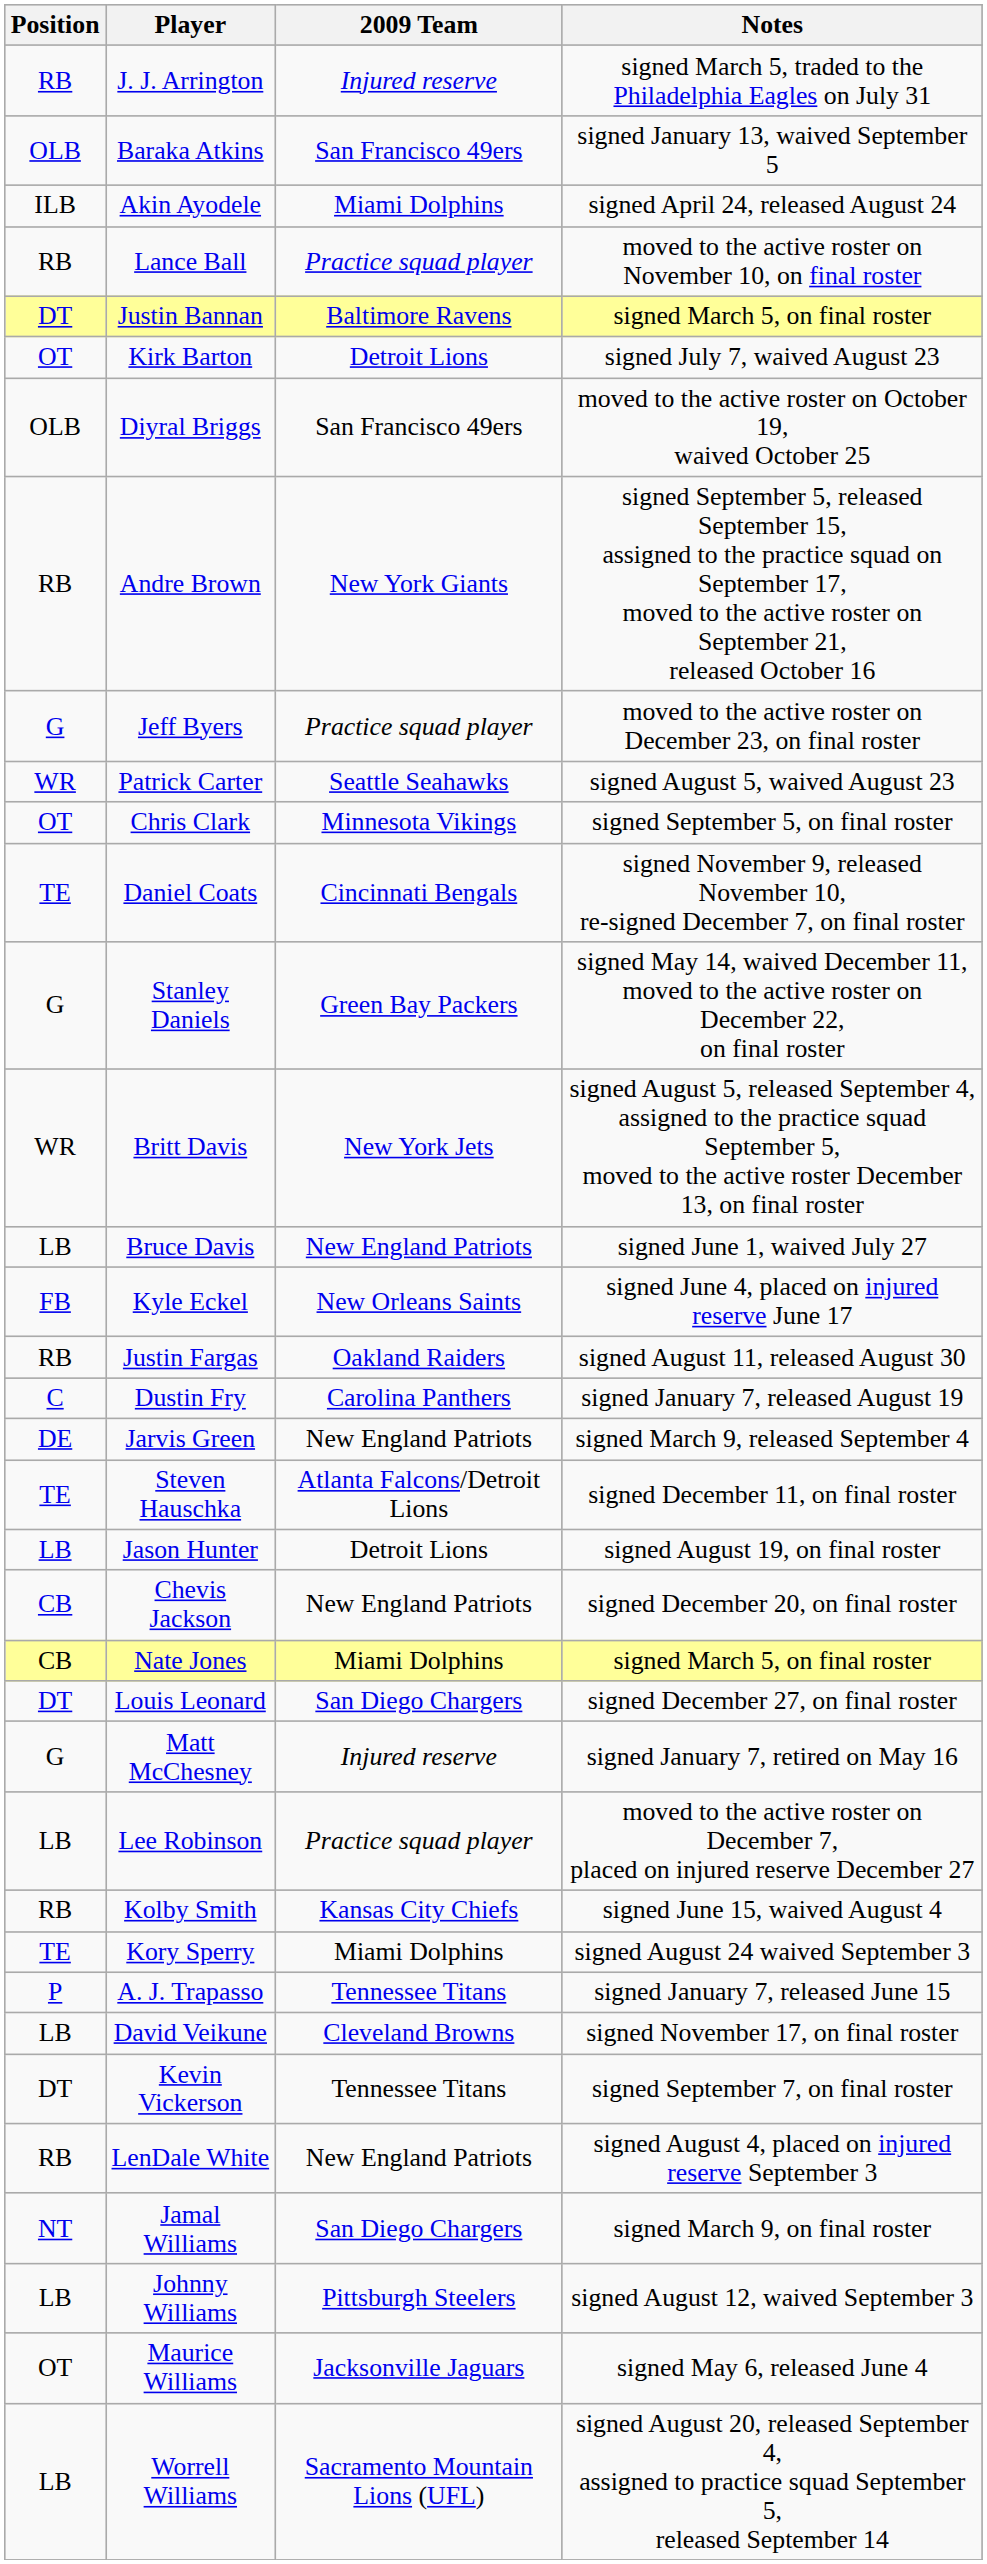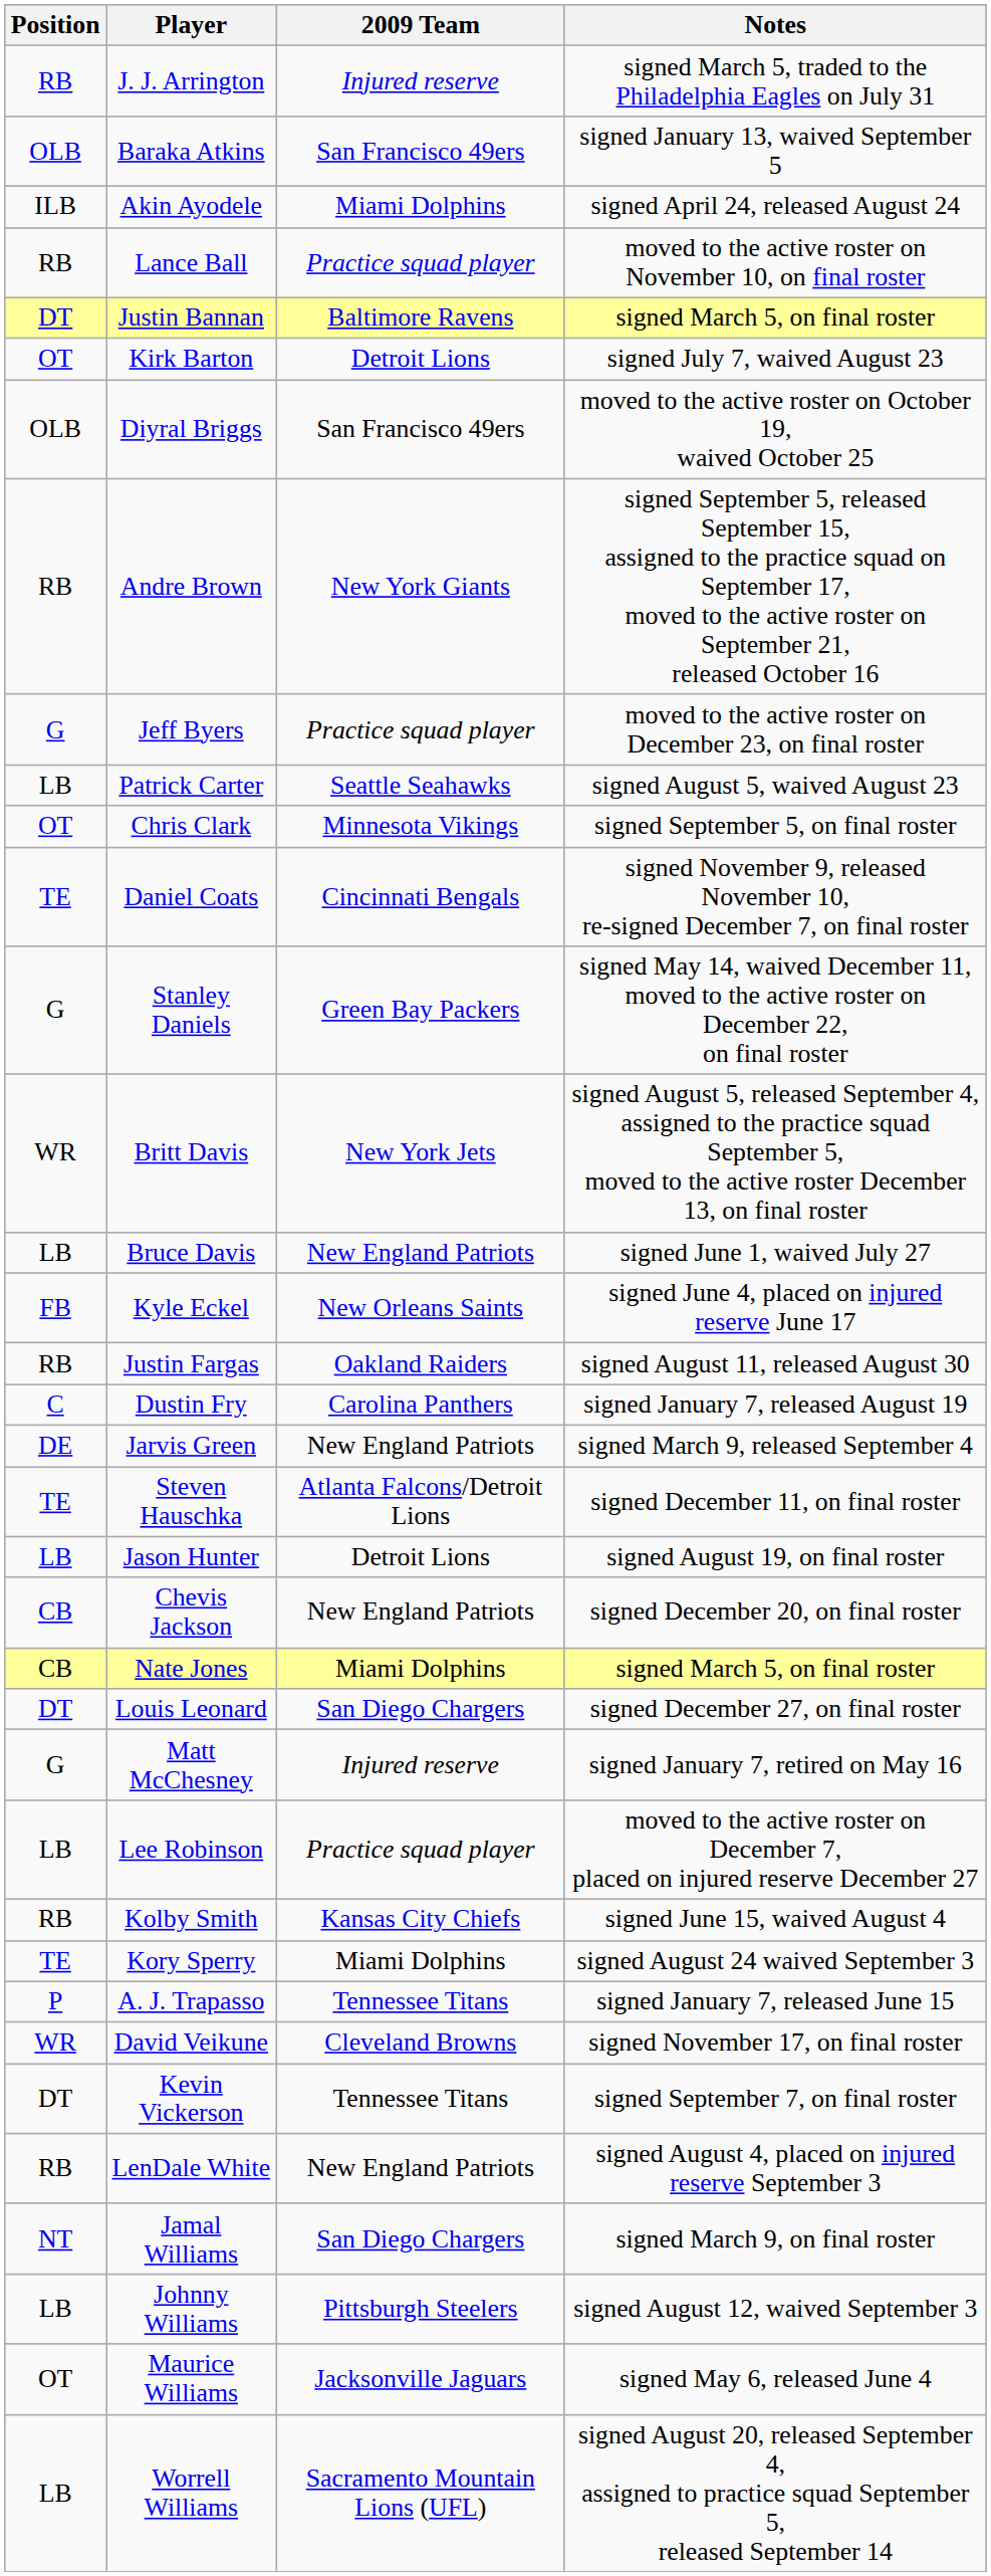 <table class="wikitable" style="text-align:center">
 <tr>
 <th>Position</th>
 <th>Player</th>
 <th>2009 Team</th>
 <th>Notes</th>
 </tr>
 <tr>
 <td><a href='#'>RB</a></td>
 <td><a href='#'>J. J. Arrington</a></td>
 <td><em><a href='#'>Injured reserve</a></em></td>
 <td>signed March 5, traded to the <a href='#'>Philadelphia Eagles</a> on July 31</td>
 </tr>
 <tr>
 <td><a href='#'>OLB</a></td>
 <td><a href='#'>Baraka Atkins</a></td>
 <td><a href='#'>San Francisco 49ers</a></td>
 <td>signed January 13, waived September 5</td>
 </tr>
 <tr>
 <td>ILB</td>
 <td><a href='#'>Akin Ayodele</a></td>
 <td><a href='#'>Miami Dolphins</a></td>
 <td>signed April 24, released August 24</td>
 </tr>
 <tr>
 <td>RB</td>
 <td><a href='#'>Lance Ball</a></td>
 <td><em><a href='#'>Practice squad player</a></em></td>
 <td>moved to the active roster on November 10, on <a href='#'>final roster</a></td>
 </tr>
 <tr style="background:#ff9">
 <td><a href='#'>DT</a></td>
 <td><a href='#'>Justin Bannan</a></td>
 <td><a href='#'>Baltimore Ravens</a></td>
 <td>signed March 5, on final roster</td>
 </tr>
 <tr>
 <td><a href='#'>OT</a></td>
 <td><a href='#'>Kirk Barton</a></td>
 <td><a href='#'>Detroit Lions</a></td>
 <td>signed July 7, waived August 23</td>
 </tr>
 <tr>
 <td>OLB</td>
 <td><a href='#'>Diyral Briggs</a></td>
 <td>San Francisco 49ers</td>
 <td>moved to the active roster on October 19,<br>waived October 25</td>
 </tr>
 <tr>
 <td>RB</td>
 <td><a href='#'>Andre Brown</a></td>
 <td><a href='#'>New York Giants</a></td>
 <td>signed September 5, released September 15,<br>assigned to the practice squad on September 17,<br>moved to the active roster on September 21,<br>released October 16</td>
 </tr>
 <tr>
 <td><a href='#'>G</a></td>
 <td><a href='#'>Jeff Byers</a></td>
 <td><em>Practice squad player</em></td>
 <td>moved to the active roster on December 23, on final roster</td>
 </tr>
 <tr>
-<td><a href='#'>WR</a></td>
+<td>LB</td>
 <td><a href='#'>Patrick Carter</a></td>
 <td><a href='#'>Seattle Seahawks</a></td>
 <td>signed August 5, waived August 23</td>
 </tr>
 <tr>
 <td><a href='#'>OT</a></td>
 <td><a href='#'>Chris Clark</a></td>
 <td><a href='#'>Minnesota Vikings</a></td>
 <td>signed September 5, on final roster</td>
 </tr>
 <tr>
 <td><a href='#'>TE</a></td>
 <td><a href='#'>Daniel Coats</a></td>
 <td><a href='#'>Cincinnati Bengals</a></td>
 <td>signed November 9, released November 10,<br>re-signed December 7, on final roster</td>
 </tr>
 <tr>
 <td>G</td>
 <td><a href='#'>Stanley Daniels</a></td>
 <td><a href='#'>Green Bay Packers</a></td>
 <td>signed May 14, waived December 11,<br>moved to the active roster on December 22,<br>on final roster</td>
 </tr>
 <tr>
 <td>WR</td>
 <td><a href='#'>Britt Davis</a></td>
 <td><a href='#'>New York Jets</a></td>
 <td>signed August 5, released September 4,<br>assigned to the practice squad September 5,<br>moved to the active roster December 13, on final roster</td>
 </tr>
 <tr>
 <td>LB</td>
 <td><a href='#'>Bruce Davis</a></td>
 <td><a href='#'>New England Patriots</a></td>
 <td>signed June 1, waived July 27 </td>
 </tr>
 <tr>
 <td><a href='#'>FB</a></td>
 <td><a href='#'>Kyle Eckel</a></td>
 <td><a href='#'>New Orleans Saints</a></td>
 <td>signed June 4, placed on <a href='#'>injured reserve</a> June 17</td>
 </tr>
 <tr>
 <td>RB</td>
 <td><a href='#'>Justin Fargas</a></td>
 <td><a href='#'>Oakland Raiders</a></td>
 <td>signed August 11, released August 30</td>
 </tr>
 <tr>
 <td><a href='#'>C</a></td>
 <td><a href='#'>Dustin Fry</a></td>
 <td><a href='#'>Carolina Panthers</a></td>
 <td>signed January 7, released August 19</td>
 </tr>
 <tr>
 <td><a href='#'>DE</a></td>
 <td><a href='#'>Jarvis Green</a></td>
 <td>New England Patriots</td>
 <td>signed March 9, released September 4</td>
 </tr>
 <tr>
 <td><a href='#'>TE</a></td>
 <td><a href='#'>Steven Hauschka</a></td>
 <td><a href='#'>Atlanta Falcons</a>/Detroit Lions</td>
 <td>signed December 11, on final roster</td>
 </tr>
 <tr>
 <td><a href='#'>LB</a></td>
 <td><a href='#'>Jason Hunter</a></td>
 <td>Detroit Lions</td>
 <td>signed August 19, on final roster</td>
 </tr>
 <tr>
 <td><a href='#'>CB</a></td>
 <td><a href='#'>Chevis Jackson</a></td>
 <td>New England Patriots</td>
 <td>signed December 20, on final roster</td>
 </tr>
 <tr style="background:#ff9">
 <td>CB</td>
 <td><a href='#'>Nate Jones</a></td>
 <td>Miami Dolphins</td>
 <td>signed March 5, on final roster</td>
 </tr>
 <tr>
 <td><a href='#'>DT</a></td>
 <td><a href='#'>Louis Leonard</a></td>
 <td><a href='#'>San Diego Chargers</a></td>
 <td>signed December 27, on final roster</td>
 </tr>
 <tr>
 <td>G</td>
 <td><a href='#'>Matt McChesney</a></td>
 <td><em>Injured reserve</em></td>
 <td>signed January 7, retired on May 16</td>
 </tr>
 <tr>
 <td>LB</td>
 <td><a href='#'>Lee Robinson</a></td>
 <td><em>Practice squad player</em></td>
 <td>moved to the active roster on December 7,<br>placed on injured reserve December 27</td>
 </tr>
 <tr>
 <td>RB</td>
 <td><a href='#'>Kolby Smith</a></td>
 <td><a href='#'>Kansas City Chiefs</a></td>
 <td>signed June 15, waived August 4</td>
 </tr>
 <tr>
 <td><a href='#'>TE</a></td>
 <td><a href='#'>Kory Sperry</a></td>
 <td>Miami Dolphins</td>
 <td>signed August 24 waived September 3</td>
 </tr>
 <tr>
 <td><a href='#'>P</a></td>
 <td><a href='#'>A. J. Trapasso</a></td>
 <td><a href='#'>Tennessee Titans</a></td>
 <td>signed January 7, released June 15</td>
 </tr>
 <tr>
-<td>LB</td>
+<td><a href='#'>WR</a></td>
 <td><a href='#'>David Veikune</a></td>
 <td><a href='#'>Cleveland Browns</a></td>
 <td>signed November 17, on final roster</td>
 </tr>
 <tr>
 <td>DT</td>
 <td><a href='#'>Kevin Vickerson</a></td>
 <td>Tennessee Titans </td>
 <td>signed September 7, on final roster</td>
 </tr>
 <tr>
 <td>RB</td>
 <td><a href='#'>LenDale White</a></td>
 <td>New England Patriots</td>
 <td>signed August 4, placed on <a href='#'>injured reserve</a> September 3</td>
 </tr>
 <tr>
 <td><a href='#'>NT</a></td>
 <td><a href='#'>Jamal Williams</a></td>
 <td><a href='#'>San Diego Chargers</a></td>
 <td>signed March 9, on final roster</td>
 </tr>
 <tr>
 <td>LB</td>
 <td><a href='#'>Johnny Williams</a></td>
 <td><a href='#'>Pittsburgh Steelers</a></td>
 <td>signed August 12, waived September 3</td>
 </tr>
 <tr>
 <td>OT</td>
 <td><a href='#'>Maurice Williams</a></td>
 <td><a href='#'>Jacksonville Jaguars</a></td>
 <td>signed May 6, released June 4</td>
 </tr>
 <tr>
 <td>LB</td>
 <td><a href='#'>Worrell Williams</a></td>
 <td><a href='#'>Sacramento Mountain Lions</a> (<a href='#'>UFL</a>)</td>
 <td>signed August 20, released September 4,<br>assigned to practice squad September 5,<br>released September 14</td>
 </tr>
 </table>
